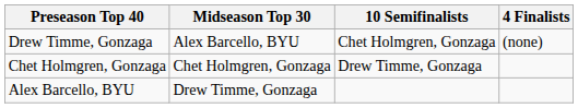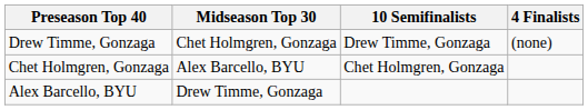 <table class="wikitable">
 <tr>
 <th>Preseason Top 40</th>
 <th>Midseason Top 30</th>
 <th>10 Semifinalists</th>
 <th>4 Finalists</th>
 </tr>
 <tr>
 <td>Drew Timme, Gonzaga</td>
-<td>Alex Barcello, BYU</td>
 <td>Chet Holmgren, Gonzaga</td>
+<td>Drew Timme, Gonzaga</td>
 <td>(none)</td>
 </tr>
 <tr>
 <td>Chet Holmgren, Gonzaga</td>
+<td>Alex Barcello, BYU</td>
 <td>Chet Holmgren, Gonzaga</td>
-<td>Drew Timme, Gonzaga</td>
 <td></td>
 </tr>
 <tr>
 <td>Alex Barcello, BYU</td>
 <td>Drew Timme, Gonzaga</td>
 <td></td>
 <td></td>
 </tr>
 </table>
